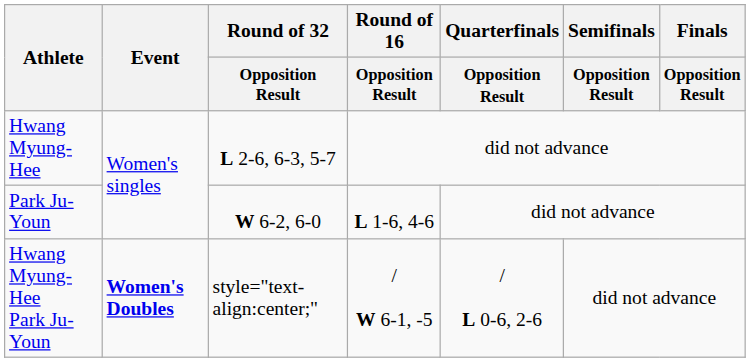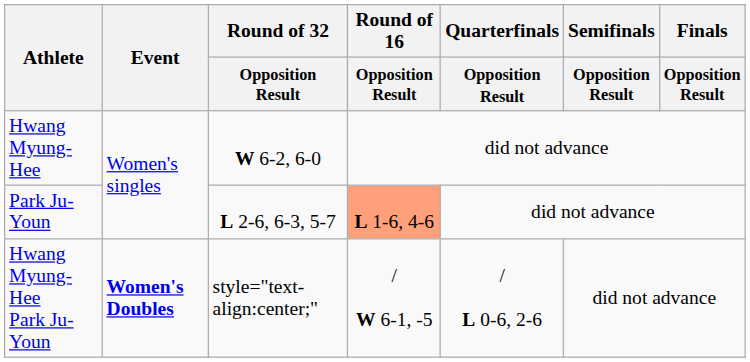 <table class=wikitable>
 <tr>
 <th rowspan="2">Athlete</th>
 <th rowspan="2">Event</th>
 <th>Round of 32</th>
 <th>Round of 16</th>
 <th>Quarterfinals</th>
 <th>Semifinals</th>
 <th>Finals</th>
 </tr>
 <tr>
 <th style="line-height:1em"><small>Opposition<br>Result</small></th>
 <th style="line-height:1em"><small>Opposition<br>Result</small></th>
 <th style=”line-height:1em”><small>Opposition<br>Result</small></th>
 <th style="line-height:1em"><small>Opposition<br>Result</small></th>
 <th style="line-height:1em"><small>Opposition<br>Result</small></th>
 </tr>
 <tr>
 <td><a href='#'>Hwang Myung-Hee</a></td>
 <td rowspan=2><a href='#'>Women's singles</a></td>
-<td style="text-align:center;"><br><strong>L</strong> 2-6, 6-3, 5-7</td>
+<td style="text-align:center;"><br><strong>W</strong> 6-2, 6-0</td>
 <td style="text-align:center;" colspan=4>did not advance</td>
 </tr>
 <tr>
 <td><a href='#'>Park Ju-Youn</a></td>
-<td style="text-align:center;"><br><strong>W</strong> 6-2, 6-0</td>
-<td style="text-align:center;"><br><strong>L</strong> 1-6, 4-6</td>
+<td style="text-align:center;"><br><strong>L</strong> 2-6, 6-3, 5-7</td>
+<td style="background: lightsalmon; text-align:center;"><br><strong>L</strong> 1-6, 4-6</td>
 <td style="text-align:center;" colspan=3>did not advance</td>
 </tr>
 <tr>
 <td><a href='#'>Hwang Myung-Hee</a><br> <a href='#'>Park Ju-Youn</a></td>
 <td><strong><a href='#'>Women's Doubles</a></strong></td>
 <td>style="text-align:center;" </td>
 <td style="text-align:center;"> /<br> <br><strong>W</strong> 6-1, -5</td>
 <td style="text-align:center;"> /<br> <br><strong>L</strong> 0-6, 2-6</td>
 <td style="text-align:center;" colspan=2>did not advance</td>
 </tr>
 </table>
